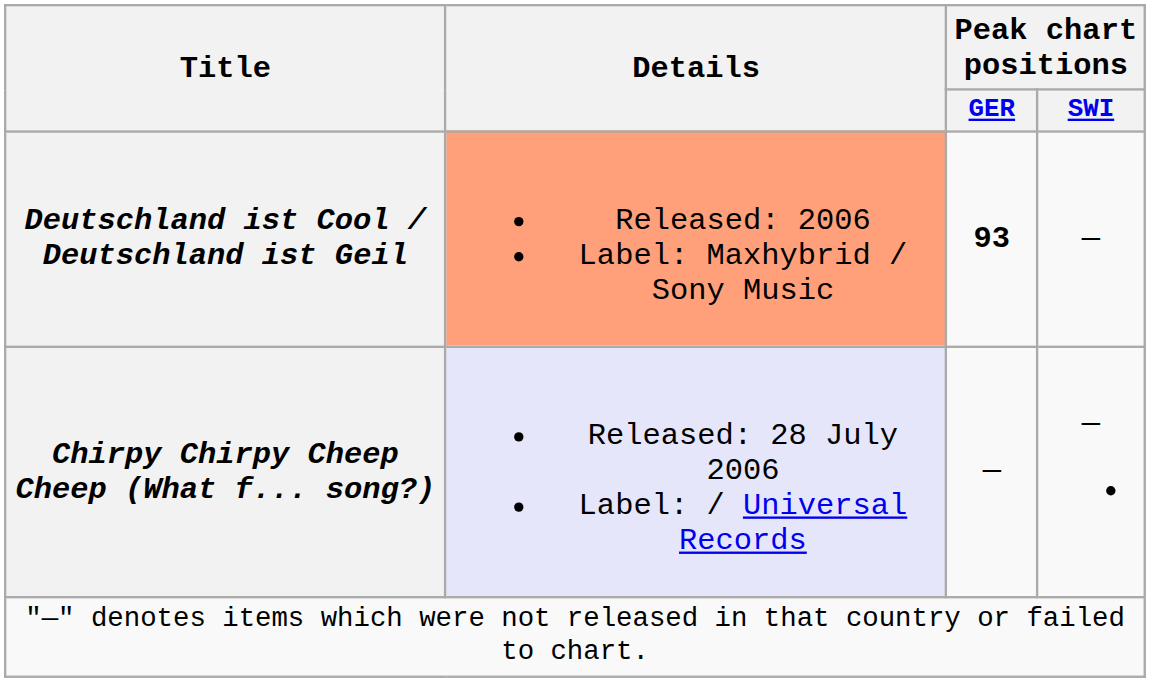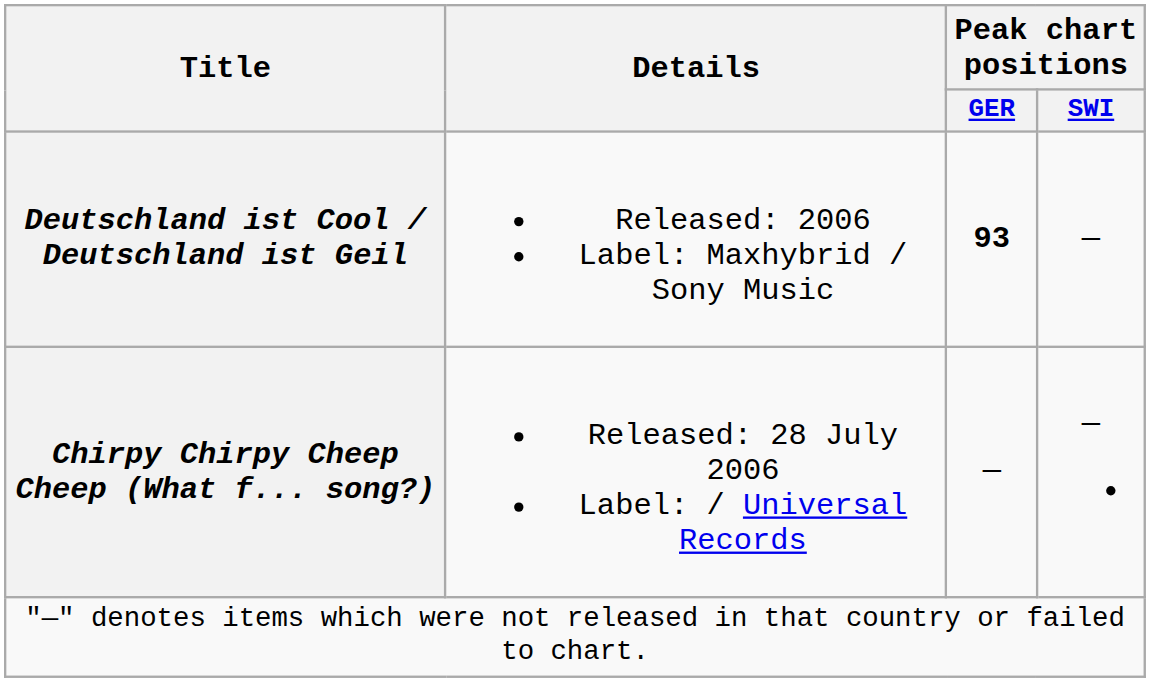 <table class="wikitable plainrowheaders" style="text-align:center;">
 <tr>
 <th rowspan="2" scope="col" style="width:14em;">Title</th>
 <th rowspan="2" scope="col" style="width:16em;">Details</th>
 <th colspan="2">Peak chart positions</th>
 </tr>
 <tr>
 <th scope="col" style="width:3em;font-size:85%;"><a href='#'>GER</a><br></th>
 <th scope="col" style="width:3em;font-size:85%;"><a href='#'>SWI</a><br></th>
 </tr>
 <tr>
 <th scope="row"><em>Deutschland ist Cool / Deutschland ist Geil</em></th>
-<td style="background: lightsalmon;"><br><ul><li>Released: 2006</li><li>Label: Maxhybrid / Sony Music</li></ul></td>
+<td><br><ul><li>Released: 2006</li><li>Label: Maxhybrid / Sony Music</li></ul></td>
 <td><strong>93</strong></td>
 <td>—</td>
 </tr>
 <tr>
 <th scope="row"><em>Chirpy Chirpy Cheep Cheep (What f... song?)</em></th>
-<td style="background: lavender;"><br><ul><li>Released: 28 July 2006</li><li>Label:  / <a href='#'>Universal Records</a></li></ul></td>
+<td><br><ul><li>Released: 28 July 2006</li><li>Label:  / <a href='#'>Universal Records</a></li></ul></td>
 <td>—</td>
 <td>—<br><ul><li></li></ul></td>
 </tr>
 <tr>
 <td colspan="6" style="font-size:90%;" align="center">"—" denotes items which were not released in that country or failed to chart.</td>
 </tr>
 </table>
